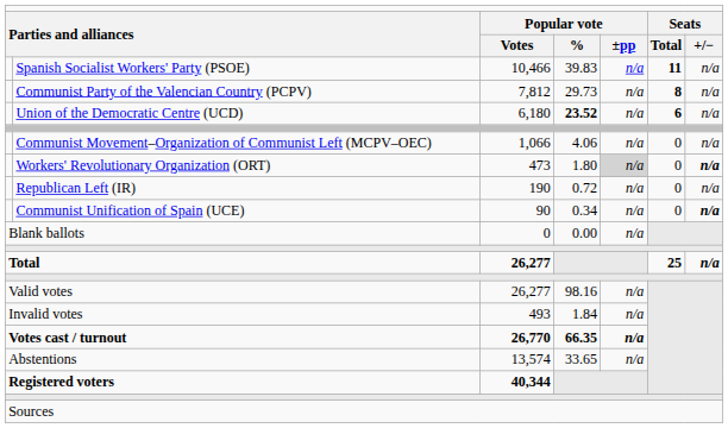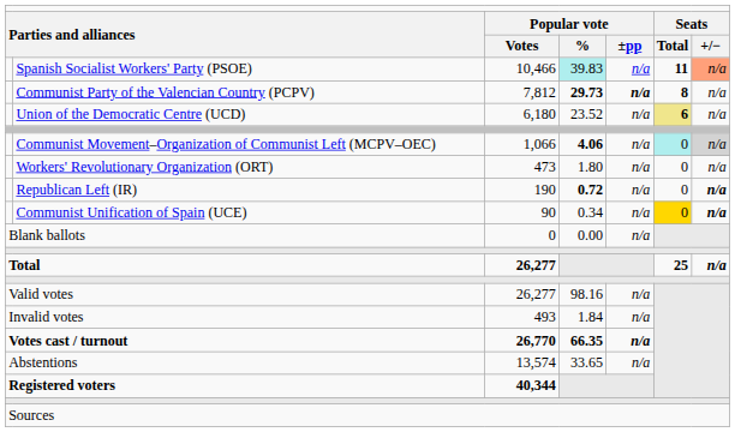 <table class="wikitable" style="text-align:right;">
 <tr>
 <td colspan="7"></td>
 </tr>
 <tr>
 <th style="text-align:left;" rowspan="2" colspan="2" width="525">Parties and alliances</th>
 <th colspan="3">Popular vote</th>
 <th colspan="2">Seats</th>
 </tr>
 <tr>
 <th width="75">Votes</th>
 <th width="45">%</th>
 <th width="45">±<a href='#'>pp</a></th>
 <th width="35">Total</th>
 <th width="35">+/−</th>
 </tr>
 <tr>
 <td width="1" style="color:inherit;background:"></td>
 <td align="left"><a href='#'>Spanish Socialist Workers' Party</a> (PSOE)</td>
 <td>10,466</td>
-<td>39.83</td>
+<td style="background: paleturquoise;">39.83</td>
 <td><em><a href='#'>n/a</a></em></td>
 <td><strong>11</strong></td>
-<td><em>n/a</em></td>
+<td style="background: lightsalmon;"><em>n/a</em></td>
 </tr>
 <tr>
 <td style="color:inherit;background:"></td>
 <td align="left"><a href='#'>Communist Party of the Valencian Country</a> (PCPV)</td>
 <td>7,812</td>
-<td>29.73</td>
-<td><em>n/a</em></td>
+<td><strong>29.73</strong></td>
+<td><strong><em>n/a</em></strong></td>
 <td><strong>8</strong></td>
 <td><em>n/a</em></td>
 </tr>
 <tr>
 <td style="color:inherit;background:"></td>
 <td align="left"><a href='#'>Union of the Democratic Centre</a> (UCD)</td>
 <td>6,180</td>
-<td><strong>23.52</strong></td>
+<td>23.52</td>
 <td><em>n/a</em></td>
-<td><strong>6</strong></td>
+<td style="background: khaki;"><strong>6</strong></td>
 <td><em>n/a</em></td>
 </tr>
 <tr>
 <td colspan="7" bgcolor="#C0C0C0"></td>
 </tr>
 <tr>
 <td style="color:inherit;background:"></td>
 <td align="left"><a href='#'>Communist Movement</a>–<a href='#'>Organization of Communist Left</a> (MCPV–OEC)</td>
 <td>1,066</td>
-<td>4.06</td>
+<td><strong>4.06</strong></td>
+<td><em>n/a</em></td>
+<td style="background: paleturquoise;">0</td>
+<td style="background: lightgrey;"><em>n/a</em></td>
+</tr>
+<tr>
+<td style="color:inherit;background:"></td>
+<td align="left"><a href='#'>Workers' Revolutionary Organization</a> (ORT)</td>
+<td>473</td>
+<td>1.80</td>
 <td><em>n/a</em></td>
 <td>0</td>
 <td><em>n/a</em></td>
 </tr>
 <tr>
 <td style="color:inherit;background:"></td>
-<td align="left"><a href='#'>Workers' Revolutionary Organization</a> (ORT)</td>
-<td>473</td>
-<td>1.80</td>
-<td style="background: lightgrey;"><em>n/a</em></td>
+<td align="left"><a href='#'>Republican Left</a> (IR)</td>
+<td>190</td>
+<td><strong>0.72</strong></td>
+<td><em>n/a</em></td>
 <td>0</td>
 <td><strong><em>n/a</em></strong></td>
-</tr>
-<tr>
-<td style="color:inherit;background:"></td>
-<td align="left"><a href='#'>Republican Left</a> (IR)</td>
-<td>190</td>
-<td>0.72</td>
-<td><em>n/a</em></td>
-<td>0</td>
-<td><em>n/a</em></td>
 </tr>
 <tr>
 <td style="color:inherit;background:"></td>
 <td align="left"><a href='#'>Communist Unification of Spain</a> (UCE)</td>
 <td>90</td>
 <td>0.34</td>
 <td><em>n/a</em></td>
-<td>0</td>
+<td style="background: gold;">0</td>
 <td><strong><em>n/a</em></strong></td>
 </tr>
 <tr>
 <td align="left" colspan="2">Blank ballots</td>
 <td>0</td>
 <td>0.00</td>
 <td><em>n/a</em></td>
 <td bgcolor="#E9E9E9" colspan="2"></td>
 </tr>
 <tr>
 <td colspan="7" bgcolor="#E9E9E9"></td>
 </tr>
 <tr style="font-weight:bold;">
 <td align="left" colspan="2">Total</td>
 <td>26,277</td>
 <td bgcolor="#E9E9E9" colspan="2"></td>
 <td>25</td>
 <td><em>n/a</em></td>
 </tr>
 <tr>
 <td colspan="7" bgcolor="#E9E9E9"></td>
 </tr>
 <tr>
 <td align="left" colspan="2">Valid votes</td>
 <td>26,277</td>
 <td>98.16</td>
 <td><em>n/a</em></td>
 <td bgcolor="#E9E9E9" colspan="2" rowspan="5"></td>
 </tr>
 <tr>
 <td align="left" colspan="2">Invalid votes</td>
 <td>493</td>
 <td>1.84</td>
 <td><em>n/a</em></td>
 </tr>
 <tr style="font-weight:bold;">
 <td align="left" colspan="2">Votes cast / turnout</td>
 <td>26,770</td>
 <td>66.35</td>
 <td><em>n/a</em></td>
 </tr>
 <tr>
 <td align="left" colspan="2">Abstentions</td>
 <td>13,574</td>
 <td>33.65</td>
 <td><em>n/a</em></td>
 </tr>
 <tr style="font-weight:bold;">
 <td align="left" colspan="2">Registered voters</td>
 <td>40,344</td>
 <td bgcolor="#E9E9E9" colspan="2"></td>
 </tr>
 <tr>
 <td colspan="7" bgcolor="#E9E9E9"></td>
 </tr>
 <tr>
 <td align="left" colspan="7">Sources</td>
 </tr>
 </table>
